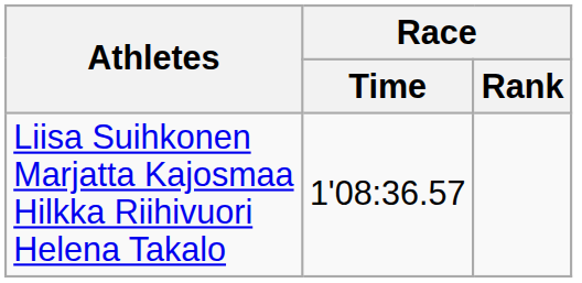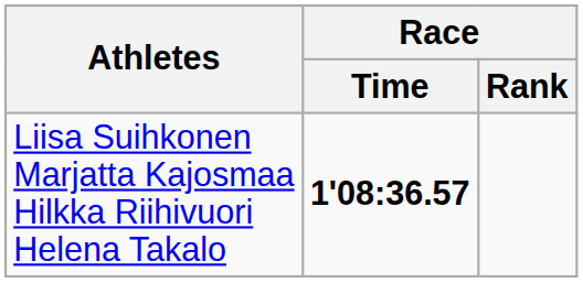 <table class="wikitable" border="1" style="font-size:90%">
 <tr>
 <th rowspan=2>Athletes</th>
 <th colspan=2>Race</th>
 </tr>
 <tr>
 <th>Time</th>
 <th>Rank</th>
 </tr>
 <tr>
 <td><a href='#'>Liisa Suihkonen</a><br><a href='#'>Marjatta Kajosmaa</a><br><a href='#'>Hilkka Riihivuori</a><br><a href='#'>Helena Takalo</a></td>
-<td align=center>1'08:36.57</td>
+<td align=center><strong>1'08:36.57</strong></td>
 <td align=center></td>
 </tr>
 </table>
